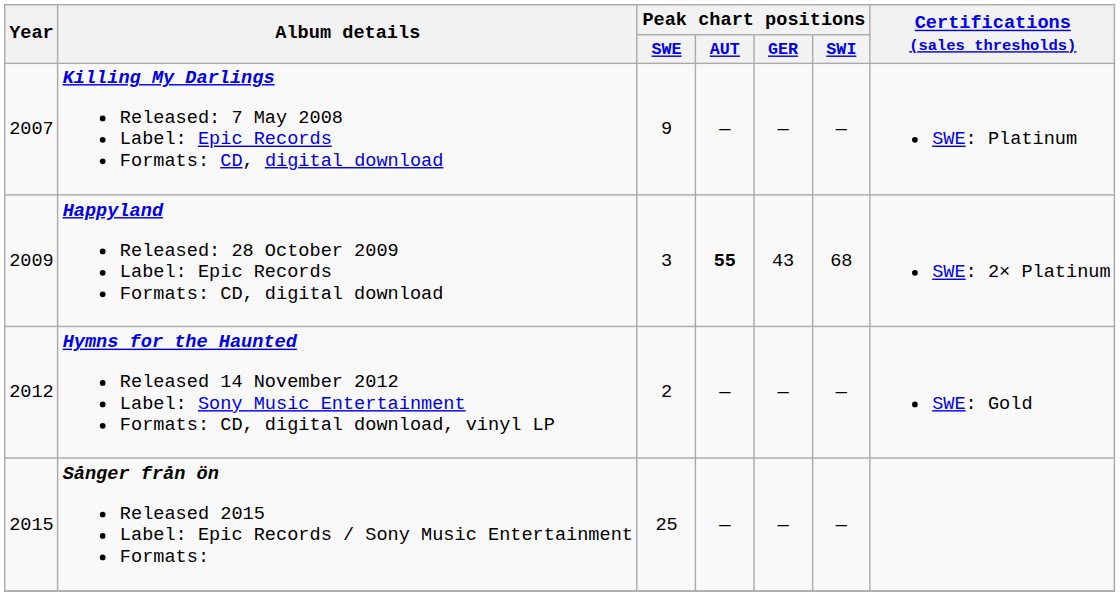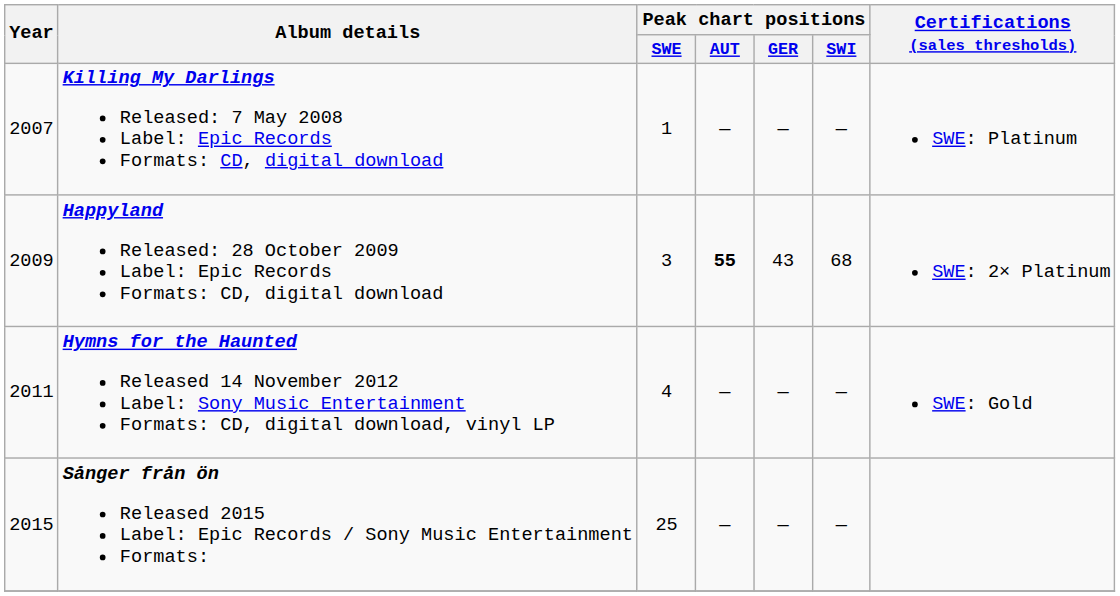 <table class="wikitable" style=text-align:center;>
 <tr>
 <th rowspan="2">Year</th>
 <th rowspan="2">Album details</th>
 <th colspan="4">Peak chart positions</th>
 <th rowspan="2"><a href='#'>Certifications</a><br><small><a href='#'>(sales thresholds)</a></small></th>
 </tr>
 <tr>
 <th style="width:3em;font-size:90%"><a href='#'>SWE</a></th>
 <th style="width:3em;font-size:90%"><a href='#'>AUT</a></th>
 <th style="width:3em;font-size:90%"><a href='#'>GER</a></th>
 <th style="width:3em;font-size:90%"><a href='#'>SWI</a></th>
 </tr>
 <tr>
 <td>2007</td>
 <td align="left"><strong><em><a href='#'>Killing My Darlings</a></em></strong><br><ul><li>Released: 7 May 2008</li><li>Label: <a href='#'>Epic Records</a></li><li>Formats: <a href='#'>CD</a>, <a href='#'>digital download</a></li></ul></td>
-<td>9</td>
+<td>1</td>
 <td>—</td>
 <td>—</td>
 <td>—</td>
 <td align=left><br><ul><li><a href='#'>SWE</a>: Platinum</li></ul></td>
 </tr>
 <tr>
 <td>2009</td>
 <td align="left"><strong><em><a href='#'>Happyland</a></em></strong><br><ul><li>Released: 28 October 2009</li><li>Label: Epic Records</li><li>Formats: CD, digital download</li></ul></td>
 <td>3</td>
 <td><strong>55</strong></td>
 <td>43</td>
 <td>68</td>
 <td align=left><br><ul><li><a href='#'>SWE</a>: 2× Platinum</li></ul></td>
 </tr>
 <tr>
-<td>2012</td>
+<td>2011</td>
 <td align="left"><strong><em><a href='#'>Hymns for the Haunted</a></em></strong><br><ul><li>Released 14 November 2012</li><li>Label: <a href='#'>Sony Music Entertainment</a></li><li>Formats: CD, digital download, vinyl LP</li></ul></td>
-<td>2</td>
+<td>4</td>
 <td>—</td>
 <td>—</td>
 <td>—</td>
 <td align="left"><br><ul><li><a href='#'>SWE</a>: Gold</li></ul></td>
 </tr>
 <tr>
 <td>2015</td>
 <td align="left"><strong><em>Sånger från ön	</em></strong><br><ul><li>Released 2015</li><li>Label: Epic Records / Sony Music Entertainment</li><li>Formats:</li></ul></td>
 <td>25</td>
 <td>—</td>
 <td>—</td>
 <td>—</td>
 <td align="left"></td>
 </tr>
 <tr>
 </tr>
 </table>
